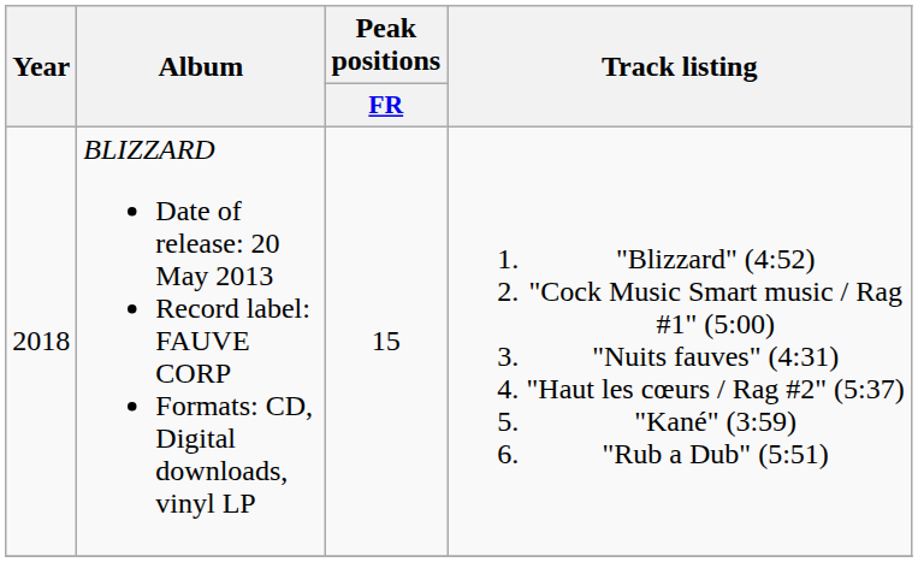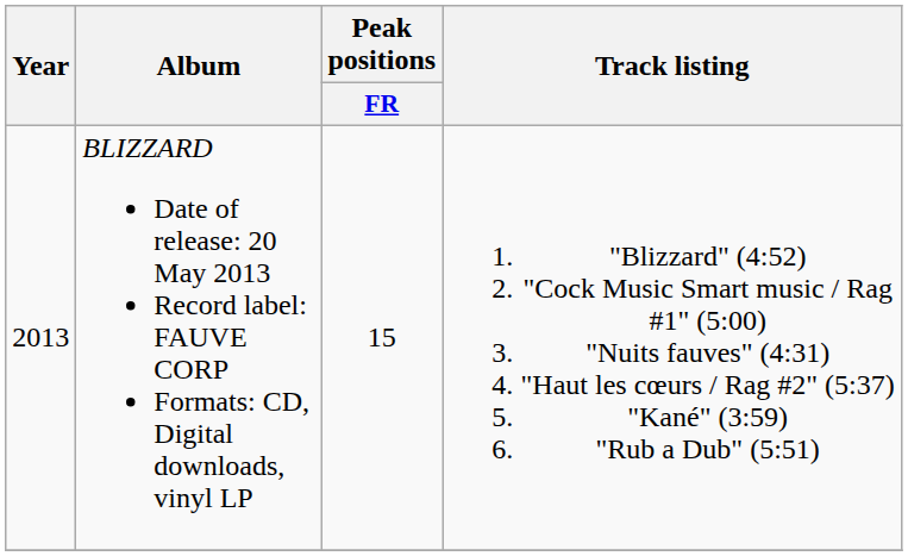 <table class="wikitable">
 <tr>
 <th align="center" rowspan="2" width="10">Year</th>
 <th align="center" rowspan="2" width="130">Album</th>
 <th align="center" colspan="1" width="20">Peak positions</th>
 <th align="center" rowspan="2" width="250">Track listing</th>
 </tr>
 <tr>
 <th scope="col" style="width:3em;font-size:90%;"><a href='#'>FR</a><br></th>
 </tr>
 <tr>
-<td style="text-align:center;">2018</td>
+<td style="text-align:center;">2013</td>
 <td><em>BLIZZARD</em><br><ul><li>Date of release: 20 May 2013</li><li>Record label: FAUVE CORP</li><li>Formats: CD, Digital downloads, vinyl LP</li></ul></td>
 <td style="text-align:center;">15</td>
 <td style="text-align:center;"><br><ol><li>"Blizzard" (4:52)</li><li>"Cock Music Smart music / Rag #1" (5:00)</li><li>"Nuits fauves" (4:31)</li><li>"Haut les cœurs / Rag #2" (5:37)</li><li>"Kané" (3:59)</li><li>"Rub a Dub" (5:51)</li></ol></td>
 </tr>
 <tr>
 </tr>
 </table>
